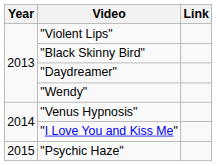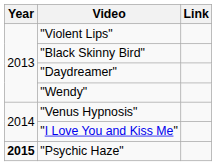 <table class="wikitable plainrowheaders" style="text-align:center;">
 <tr>
 <th>Year</th>
 <th>Video</th>
 <th>Link</th>
 </tr>
 <tr>
 <td align="center" rowspan="4">2013</td>
 <td align="left">"Violent Lips"</td>
 <td align="center"></td>
 </tr>
 <tr>
 <td align="left">"Black Skinny Bird"</td>
 <td align="center"></td>
 </tr>
 <tr>
 <td align="left">"Daydreamer"</td>
 <td align="center"></td>
 </tr>
 <tr>
 <td align="left">"Wendy"</td>
 <td align="center"></td>
 </tr>
 <tr>
 <td align="center" rowspan="2">2014</td>
 <td align="left">"Venus Hypnosis"</td>
 <td align="center"></td>
 </tr>
 <tr>
 <td align="left">"<a href='#'>I Love You and Kiss Me</a>"</td>
 <td align="center"></td>
 </tr>
 <tr>
-<td align="center" rowspan="1">2015</td>
+<td align="center" rowspan="1"><strong>2015</strong></td>
 <td align="left">"Psychic Haze"</td>
 <td align="center"></td>
 </tr>
 </table>
